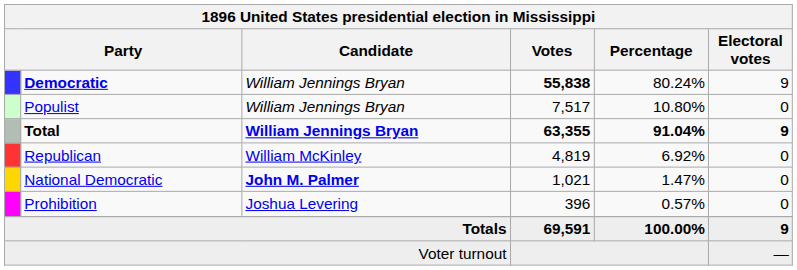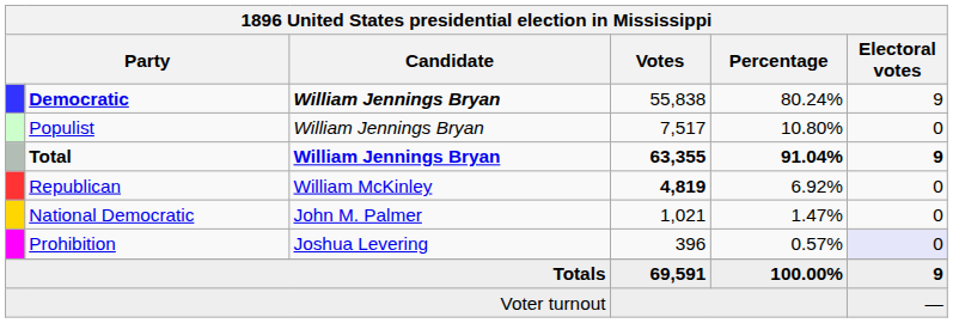 <table class="wikitable" style="font-size: 95%;">
 <tr>
 <th colspan="6">1896 United States presidential election in Mississippi</th>
 </tr>
 <tr>
 <th colspan="2" style="width: 15em">Party</th>
 <th style="width: 17em">Candidate</th>
 <th style="width: 5em">Votes</th>
 <th style="width: 7em">Percentage</th>
 <th style="width: 5em">Electoral votes</th>
 </tr>
 <tr>
 <th style="background-color:#3333FF; width: 3px"></th>
 <td style="width: 130px"><strong><a href='#'>Democratic</a></strong></td>
-<td><em>William Jennings Bryan</em></td>
-<td align="right"><strong>55,838</strong></td>
+<td><strong><em>William Jennings Bryan</em></strong></td>
+<td align="right">55,838</td>
 <td align="right">80.24%</td>
 <td align="right">9</td>
 </tr>
 <tr>
 <th style="background-color:#CCFFCC; width: 3px"></th>
 <td style="width: 130px"><a href='#'>Populist</a></td>
 <td><em>William Jennings Bryan</em></td>
 <td align="right">7,517</td>
 <td align="right">10.80%</td>
 <td align="right">0</td>
 </tr>
 <tr>
 <th style="background-color:#B2BEB5; width: 3px"></th>
 <td style="width: 130px"><strong> Total</strong></td>
 <td><strong><a href='#'>William Jennings Bryan</a></strong></td>
 <td align="right"><strong>63,355</strong></td>
 <td align="right"><strong>91.04%</strong></td>
 <td align="right"><strong>9</strong></td>
 </tr>
 <tr>
 <th style="background-color:#FF3333; width: 3px"></th>
 <td style="width: 130px"><a href='#'>Republican</a></td>
 <td><a href='#'>William McKinley</a></td>
-<td align="right">4,819</td>
+<td align="right"><strong>4,819</strong></td>
 <td align="right">6.92%</td>
 <td align="right">0</td>
 </tr>
 <tr>
 <th style="background-color:#FFD700; width: 3px"></th>
 <td style="width: 130px"><a href='#'>National Democratic</a></td>
-<td><strong><a href='#'>John M. Palmer</a></strong></td>
+<td><a href='#'>John M. Palmer</a></td>
 <td align="right">1,021</td>
 <td align="right">1.47%</td>
 <td align="right">0</td>
 </tr>
 <tr>
 <th style="background-color:#FF00FF; width: 3px"></th>
 <td style="width: 130px"><a href='#'>Prohibition</a></td>
 <td><a href='#'>Joshua Levering</a></td>
 <td align="right">396</td>
 <td align="right">0.57%</td>
-<td align="right">0</td>
+<td align="right" style="background: lavender;">0</td>
 </tr>
 <tr>
 </tr>
 <tr bgcolor="#EEEEEE">
 <td colspan="3" align="right"><strong>Totals</strong></td>
 <td align="right"><strong>69,591</strong></td>
 <td align="right"><strong>100.00%</strong></td>
 <td align="right"><strong>9</strong></td>
 </tr>
 <tr bgcolor="#EEEEEE">
 <td colspan="3" align="right">Voter turnout</td>
 <td colspan="2" align="right"></td>
 <td align="right">—</td>
 </tr>
 </table>
